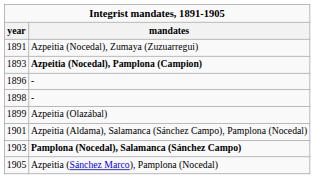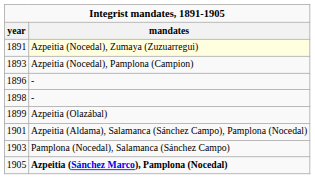 <table class=wikitable style="text-align:left; font-size:12px; float:left; margin:5px">
 <tr style="font-size: small;">
 <td colspan="12" style="text-align:center;"><strong>Integrist mandates, 1891-1905</strong></td>
 </tr>
 <tr>
 <th>year</th>
 <th>mandates</th>
 </tr>
 <tr>
 <td>1891</td>
-<td>Azpeitia (Nocedal), Zumaya (Zuzuarregui)</td>
+<td style="background: lightyellow;">Azpeitia (Nocedal), Zumaya (Zuzuarregui)</td>
 </tr>
 <tr>
 <td>1893</td>
-<td><strong>Azpeitia (Nocedal), Pamplona (Campion)</strong></td>
+<td>Azpeitia (Nocedal), Pamplona (Campion)</td>
 </tr>
 <tr>
 <td>1896</td>
 <td>-</td>
 </tr>
 <tr>
 <td>1898</td>
 <td>-</td>
 </tr>
 <tr>
 <td>1899</td>
 <td>Azpeitia (Olazábal)</td>
 </tr>
 <tr>
 <td>1901</td>
 <td>Azpeitia (Aldama), Salamanca (Sánchez Campo), Pamplona (Nocedal)</td>
 </tr>
 <tr>
 <td>1903</td>
-<td><strong>Pamplona (Nocedal), Salamanca (Sánchez Campo)</strong></td>
+<td>Pamplona (Nocedal), Salamanca (Sánchez Campo)</td>
 </tr>
 <tr>
 <td>1905</td>
-<td>Azpeitia (<a href='#'>Sánchez Marco</a>), Pamplona (Nocedal)</td>
+<td><strong>Azpeitia (<a href='#'>Sánchez Marco</a>), Pamplona (Nocedal)</strong></td>
 </tr>
 </table>
